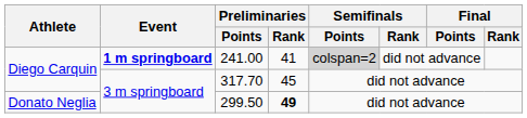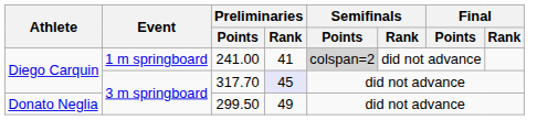 <table class="wikitable" style="text-align:center; font-size:90%">
 <tr>
 <th rowspan=2>Athlete</th>
 <th rowspan=2>Event</th>
 <th colspan=2>Preliminaries</th>
 <th colspan=2>Semifinals</th>
 <th colspan=2>Final</th>
 </tr>
 <tr style="font-size:95%">
 <th>Points</th>
 <th>Rank</th>
 <th>Points</th>
 <th>Rank</th>
 <th>Points</th>
 <th>Rank</th>
 </tr>
 <tr>
 <td align=left rowspan=2><a href='#'>Diego Carquin</a></td>
-<td align=left><strong><a href='#'>1 m springboard</a></strong></td>
+<td align=left><a href='#'>1 m springboard</a></td>
 <td>241.00</td>
 <td>41</td>
 <td style="background: lightgrey;">colspan=2 </td>
 <td colspan=2>did not advance</td>
 </tr>
 <tr>
 <td rowspan=2 align=left><a href='#'>3 m springboard</a></td>
 <td>317.70</td>
-<td>45</td>
+<td style="background: lavender;">45</td>
 <td colspan=4>did not advance</td>
 </tr>
 <tr>
 <td align=left><a href='#'>Donato Neglia</a></td>
 <td>299.50</td>
-<td><strong>49</strong></td>
+<td>49</td>
 <td colspan=4>did not advance</td>
 </tr>
 </table>
